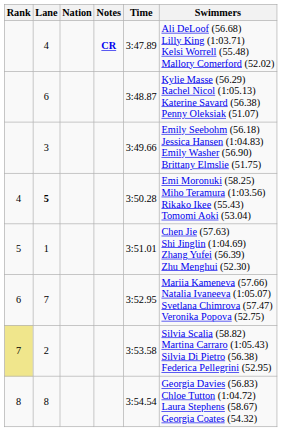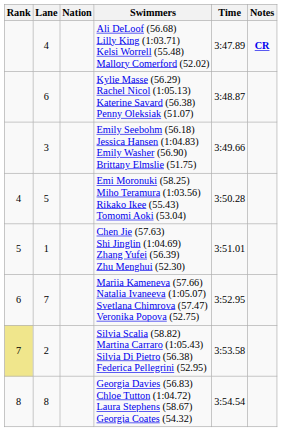 <table class="wikitable sortable" style="text-align:center">
 <tr>
 <th>Rank</th>
 <th>Lane</th>
 <th>Nation</th>
+<th>Swimmers</th>
+<th>Time</th>
 <th>Notes</th>
-<th>Time</th>
-<th>Swimmers</th>
 </tr>
 <tr>
 <td></td>
 <td>4</td>
 <td align=left></td>
+<td align=left><a href='#'>Ali DeLoof</a> (56.68)<br><a href='#'>Lilly King</a> (1:03.71)<br><a href='#'>Kelsi Worrell</a> (55.48)<br><a href='#'>Mallory Comerford</a> (52.02)</td>
+<td>3:47.89</td>
 <td><strong><a href='#'>CR</a></strong></td>
-<td>3:47.89</td>
-<td align=left><a href='#'>Ali DeLoof</a> (56.68)<br><a href='#'>Lilly King</a> (1:03.71)<br><a href='#'>Kelsi Worrell</a> (55.48)<br><a href='#'>Mallory Comerford</a> (52.02)</td>
 </tr>
 <tr>
 <td></td>
 <td>6</td>
 <td align=left></td>
+<td align=left><a href='#'>Kylie Masse</a> (56.29)<br><a href='#'>Rachel Nicol</a> (1:05.13)<br><a href='#'>Katerine Savard</a> (56.38)<br><a href='#'>Penny Oleksiak</a> (51.07)</td>
+<td>3:48.87</td>
 <td></td>
-<td>3:48.87</td>
-<td align=left><a href='#'>Kylie Masse</a> (56.29)<br><a href='#'>Rachel Nicol</a> (1:05.13)<br><a href='#'>Katerine Savard</a> (56.38)<br><a href='#'>Penny Oleksiak</a> (51.07)</td>
 </tr>
 <tr>
 <td></td>
 <td>3</td>
 <td align=left></td>
+<td align=left><a href='#'>Emily Seebohm</a> (56.18)<br><a href='#'>Jessica Hansen</a> (1:04.83)<br><a href='#'>Emily Washer</a> (56.90)<br><a href='#'>Brittany Elmslie</a> (51.75)</td>
+<td>3:49.66</td>
 <td></td>
-<td>3:49.66</td>
-<td align=left><a href='#'>Emily Seebohm</a> (56.18)<br><a href='#'>Jessica Hansen</a> (1:04.83)<br><a href='#'>Emily Washer</a> (56.90)<br><a href='#'>Brittany Elmslie</a> (51.75)</td>
 </tr>
 <tr>
 <td>4</td>
-<td><strong>5</strong></td>
+<td>5</td>
 <td align=left></td>
+<td align=left><a href='#'>Emi Moronuki</a> (58.25)<br><a href='#'>Miho Teramura</a> (1:03.56)<br><a href='#'>Rikako Ikee</a> (55.43)<br><a href='#'>Tomomi Aoki</a> (53.04)</td>
+<td>3:50.28</td>
 <td></td>
-<td>3:50.28</td>
-<td align=left><a href='#'>Emi Moronuki</a> (58.25)<br><a href='#'>Miho Teramura</a> (1:03.56)<br><a href='#'>Rikako Ikee</a> (55.43)<br><a href='#'>Tomomi Aoki</a> (53.04)</td>
 </tr>
 <tr>
 <td>5</td>
 <td>1</td>
 <td align=left></td>
+<td align=left><a href='#'>Chen Jie</a> (57.63)<br><a href='#'>Shi Jinglin</a> (1:04.69)<br><a href='#'>Zhang Yufei</a> (56.39)<br><a href='#'>Zhu Menghui</a> (52.30)</td>
+<td>3:51.01</td>
 <td></td>
-<td>3:51.01</td>
-<td align=left><a href='#'>Chen Jie</a> (57.63)<br><a href='#'>Shi Jinglin</a> (1:04.69)<br><a href='#'>Zhang Yufei</a> (56.39)<br><a href='#'>Zhu Menghui</a> (52.30)</td>
 </tr>
 <tr>
 <td>6</td>
 <td>7</td>
 <td align=left></td>
+<td align=left><a href='#'>Mariia Kameneva</a> (57.66)<br><a href='#'>Natalia Ivaneeva</a> (1:05.07)<br><a href='#'>Svetlana Chimrova</a> (57.47)<br><a href='#'>Veronika Popova</a> (52.75)</td>
+<td>3:52.95</td>
 <td></td>
-<td>3:52.95</td>
-<td align=left><a href='#'>Mariia Kameneva</a> (57.66)<br><a href='#'>Natalia Ivaneeva</a> (1:05.07)<br><a href='#'>Svetlana Chimrova</a> (57.47)<br><a href='#'>Veronika Popova</a> (52.75)</td>
 </tr>
 <tr>
 <td style="background: khaki;">7</td>
 <td>2</td>
 <td align=left></td>
+<td align=left><a href='#'>Silvia Scalia</a> (58.82)<br><a href='#'>Martina Carraro</a> (1:05.43)<br><a href='#'>Silvia Di Pietro</a> (56.38)<br><a href='#'>Federica Pellegrini</a> (52.95)</td>
+<td>3:53.58</td>
 <td></td>
-<td>3:53.58</td>
-<td align=left><a href='#'>Silvia Scalia</a> (58.82)<br><a href='#'>Martina Carraro</a> (1:05.43)<br><a href='#'>Silvia Di Pietro</a> (56.38)<br><a href='#'>Federica Pellegrini</a> (52.95)</td>
 </tr>
 <tr>
 <td>8</td>
 <td>8</td>
 <td align=left></td>
+<td align=left><a href='#'>Georgia Davies</a> (56.83)<br><a href='#'>Chloe Tutton</a> (1:04.72)<br><a href='#'>Laura Stephens</a> (58.67)<br><a href='#'>Georgia Coates</a> (54.32)</td>
+<td>3:54.54</td>
 <td></td>
-<td>3:54.54</td>
-<td align=left><a href='#'>Georgia Davies</a> (56.83)<br><a href='#'>Chloe Tutton</a> (1:04.72)<br><a href='#'>Laura Stephens</a> (58.67)<br><a href='#'>Georgia Coates</a> (54.32)</td>
 </tr>
 </table>
